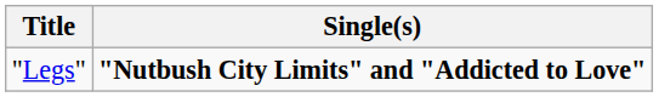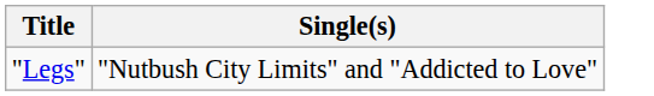 <table class="wikitable">
 <tr>
 <th>Title</th>
 <th>Single(s)</th>
 </tr>
 <tr>
 <td>"<a href='#'>Legs</a>"</td>
-<td><strong>"Nutbush City Limits" and "Addicted to Love"</strong></td>
+<td>"Nutbush City Limits" and "Addicted to Love"</td>
 </tr>
 </table>
